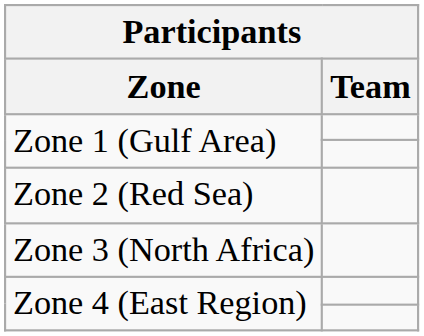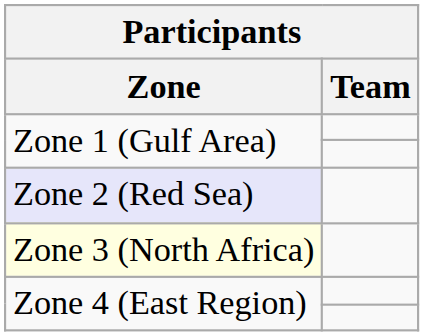 <table class="wikitable">
 <tr>
 <th colspan=2>Participants</th>
 </tr>
 <tr>
 <th>Zone</th>
 <th>Team</th>
 </tr>
 <tr>
 <td rowspan=2>Zone 1 (Gulf Area)</td>
 <td></td>
 </tr>
 <tr>
 <td></td>
 </tr>
 <tr>
-<td rowspan=1>Zone 2 (Red Sea)</td>
+<td rowspan=1 style="background: lavender;">Zone 2 (Red Sea)</td>
 <td></td>
 </tr>
 <tr>
-<td rowspan=1>Zone 3 (North Africa)</td>
+<td rowspan=1 style="background: lightyellow;">Zone 3 (North Africa)</td>
 <td></td>
 </tr>
 <tr>
 <td rowspan=2>Zone 4 (East Region)</td>
 <td></td>
 </tr>
 <tr>
 <td></td>
 </tr>
 </table>
